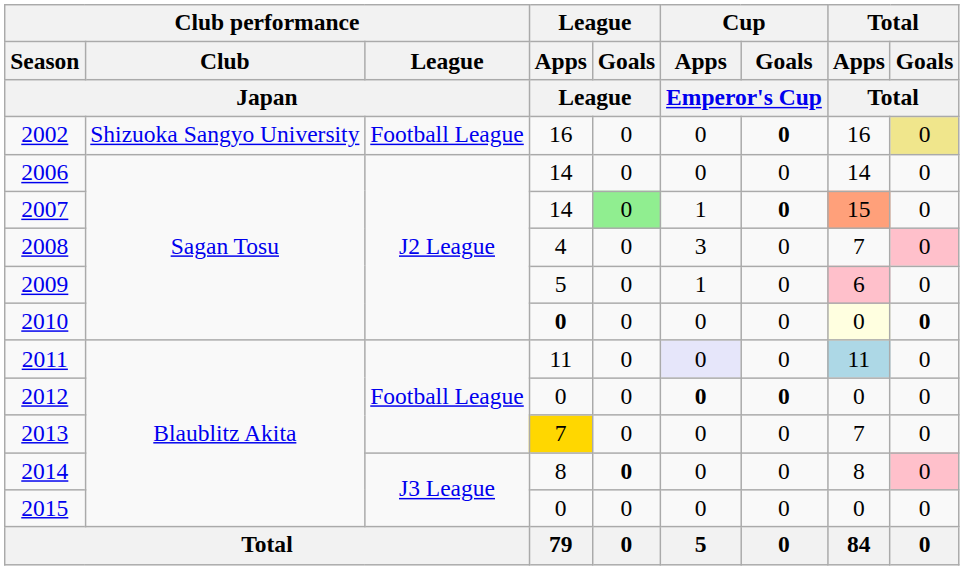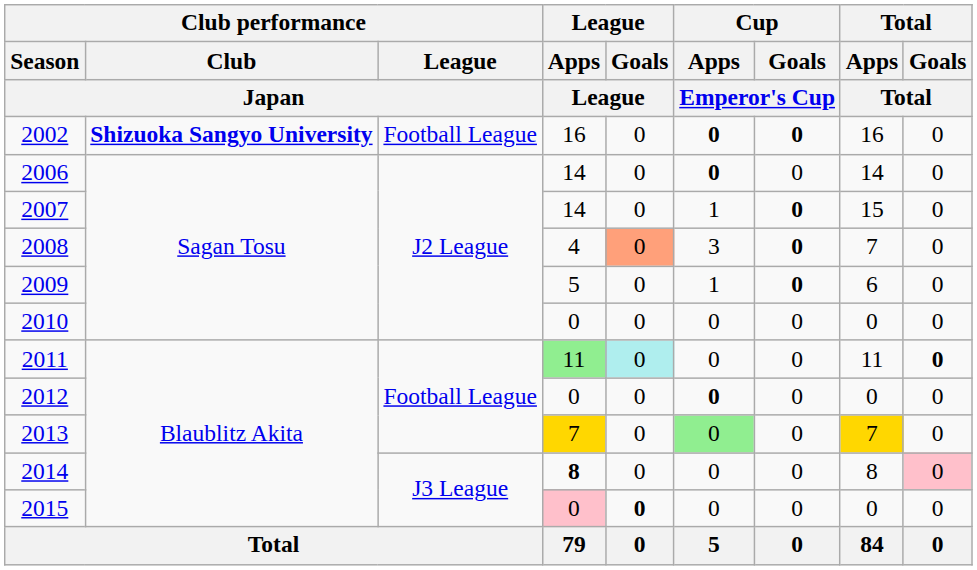 <table class="wikitable" style="text-align:center;">
 <tr>
 <th colspan=3>Club performance</th>
 <th colspan=2>League</th>
 <th colspan=2>Cup</th>
 <th colspan=2>Total</th>
 </tr>
 <tr>
 <th>Season</th>
 <th>Club</th>
 <th>League</th>
 <th>Apps</th>
 <th>Goals</th>
 <th>Apps</th>
 <th>Goals</th>
 <th>Apps</th>
 <th>Goals</th>
 </tr>
 <tr>
 <th colspan=3>Japan</th>
 <th colspan=2>League</th>
 <th colspan=2><a href='#'>Emperor's Cup</a></th>
 <th colspan=2>Total</th>
 </tr>
 <tr>
 <td><a href='#'>2002</a></td>
-<td><a href='#'>Shizuoka Sangyo University</a></td>
+<td><strong><a href='#'>Shizuoka Sangyo University</a></strong></td>
 <td><a href='#'>Football League</a></td>
 <td>16</td>
 <td>0</td>
-<td>0</td>
+<td><strong>0</strong></td>
 <td><strong>0</strong></td>
 <td>16</td>
-<td style="background: khaki;">0</td>
+<td>0</td>
 </tr>
 <tr>
 <td><a href='#'>2006</a></td>
 <td rowspan="5"><a href='#'>Sagan Tosu</a></td>
 <td rowspan="5"><a href='#'>J2 League</a></td>
 <td>14</td>
 <td>0</td>
-<td>0</td>
+<td><strong>0</strong></td>
 <td>0</td>
 <td>14</td>
 <td>0</td>
 </tr>
 <tr>
 <td><a href='#'>2007</a></td>
 <td>14</td>
-<td style="background: lightgreen;">0</td>
+<td>0</td>
 <td>1</td>
 <td><strong>0</strong></td>
-<td style="background: lightsalmon;">15</td>
+<td>15</td>
 <td>0</td>
 </tr>
 <tr>
 <td><a href='#'>2008</a></td>
 <td>4</td>
+<td style="background: lightsalmon;">0</td>
+<td>3</td>
+<td><strong>0</strong></td>
+<td>7</td>
 <td>0</td>
-<td>3</td>
-<td>0</td>
-<td>7</td>
-<td style="background: pink;">0</td>
 </tr>
 <tr>
 <td><a href='#'>2009</a></td>
 <td>5</td>
 <td>0</td>
 <td>1</td>
-<td>0</td>
-<td style="background: pink;">6</td>
+<td><strong>0</strong></td>
+<td>6</td>
 <td>0</td>
 </tr>
 <tr>
 <td><a href='#'>2010</a></td>
-<td><strong>0</strong></td>
 <td>0</td>
 <td>0</td>
 <td>0</td>
-<td style="background: lightyellow;">0</td>
-<td><strong>0</strong></td>
+<td>0</td>
+<td>0</td>
+<td>0</td>
 </tr>
 <tr>
 <td><a href='#'>2011</a></td>
 <td rowspan="5"><a href='#'>Blaublitz Akita</a></td>
 <td rowspan="3"><a href='#'>Football League</a></td>
+<td style="background: lightgreen;">11</td>
+<td style="background: paleturquoise;">0</td>
+<td>0</td>
+<td>0</td>
 <td>11</td>
-<td>0</td>
-<td style="background: lavender;">0</td>
-<td>0</td>
-<td style="background: lightblue;">11</td>
-<td>0</td>
+<td><strong>0</strong></td>
 </tr>
 <tr>
 <td><a href='#'>2012</a></td>
 <td>0</td>
 <td>0</td>
 <td><strong>0</strong></td>
-<td><strong>0</strong></td>
+<td>0</td>
 <td>0</td>
 <td>0</td>
 </tr>
 <tr>
 <td><a href='#'>2013</a></td>
 <td style="background: gold;">7</td>
 <td>0</td>
+<td style="background: lightgreen;">0</td>
 <td>0</td>
-<td>0</td>
-<td>7</td>
+<td style="background: gold;">7</td>
 <td>0</td>
 </tr>
 <tr>
 <td><a href='#'>2014</a></td>
 <td rowspan="2"><a href='#'>J3 League</a></td>
-<td>8</td>
-<td><strong>0</strong></td>
+<td><strong>8</strong></td>
+<td>0</td>
 <td>0</td>
 <td>0</td>
 <td>8</td>
 <td style="background: pink;">0</td>
 </tr>
 <tr>
 <td><a href='#'>2015</a></td>
-<td>0</td>
-<td>0</td>
+<td style="background: pink;">0</td>
+<td><strong>0</strong></td>
 <td>0</td>
 <td>0</td>
 <td>0</td>
 <td>0</td>
 </tr>
 <tr>
 <th colspan=3>Total</th>
 <th>79</th>
 <th>0</th>
 <th>5</th>
 <th>0</th>
 <th>84</th>
 <th>0</th>
 </tr>
 </table>
